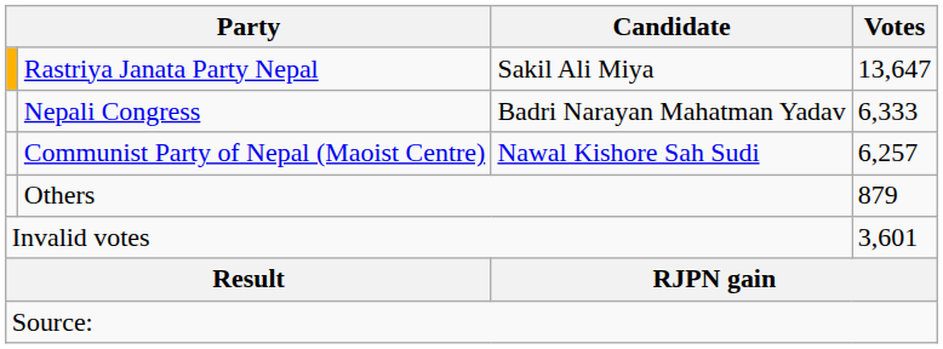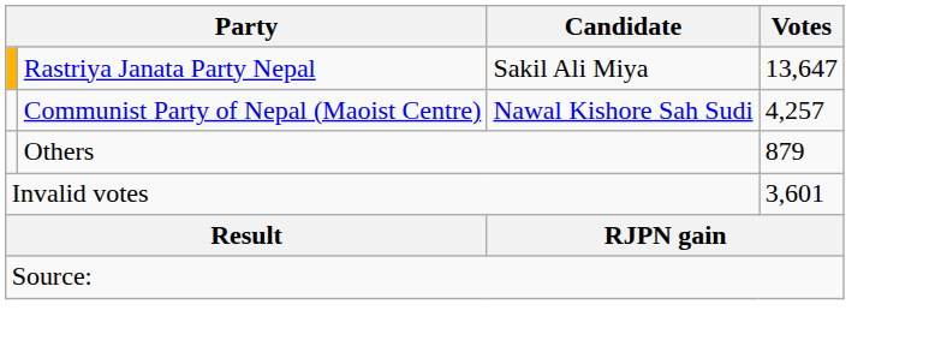 <table class="wikitable">
 <tr>
 <th colspan="2">Party</th>
 <th>Candidate</th>
 <th>Votes</th>
 </tr>
 <tr>
 <td style="background-color:#ffb300"></td>
 <td><a href='#'>Rastriya Janata Party Nepal</a></td>
 <td>Sakil Ali Miya</td>
 <td>13,647</td>
 </tr>
 <tr>
 <td style="background-color:"></td>
-<td><a href='#'>Nepali Congress</a></td>
-<td>Badri Narayan Mahatman Yadav</td>
-<td>6,333</td>
-</tr>
-<tr>
-<td style="background-color:"></td>
 <td><a href='#'>Communist Party of Nepal (Maoist Centre)</a></td>
 <td><a href='#'>Nawal Kishore Sah Sudi</a></td>
-<td>6,257</td>
+<td>4,257</td>
 </tr>
 <tr>
 <td></td>
 <td colspan="2">Others</td>
 <td>879</td>
 </tr>
 <tr>
 <td colspan="3">Invalid votes</td>
 <td>3,601</td>
 </tr>
 <tr>
 <th colspan="2">Result</th>
 <th colspan="2">RJPN gain</th>
 </tr>
 <tr>
 <td colspan="4">Source: </td>
 </tr>
 </table>
